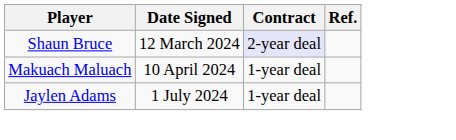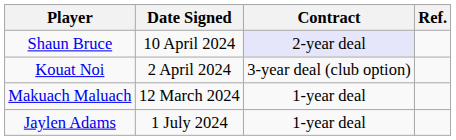 <table class="wikitable sortable sortable" style="text-align: center">
 <tr>
 <th>Player</th>
 <th>Date Signed</th>
 <th>Contract</th>
 <th>Ref.</th>
 </tr>
 <tr>
 <td><a href='#'>Shaun Bruce</a></td>
-<td>12 March 2024</td>
+<td>10 April 2024</td>
 <td style="background: lavender;">2-year deal</td>
 <td></td>
 </tr>
 <tr>
+<td><a href='#'>Kouat Noi</a></td>
+<td>2 April 2024</td>
+<td>3-year deal (club option)</td>
+<td></td>
+</tr>
+<tr>
 <td><a href='#'>Makuach Maluach</a></td>
-<td>10 April 2024</td>
+<td>12 March 2024</td>
 <td>1-year deal</td>
 <td></td>
 </tr>
 <tr>
 <td><a href='#'>Jaylen Adams</a></td>
 <td>1 July 2024</td>
 <td>1-year deal</td>
 <td></td>
 </tr>
 </table>
